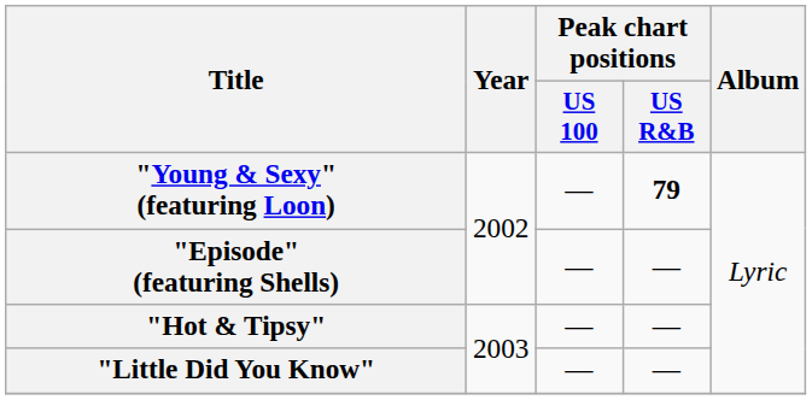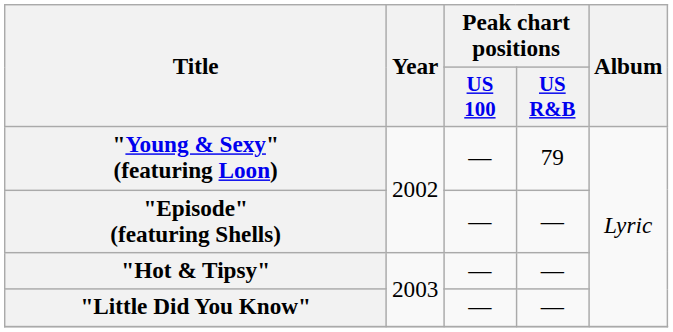 <table class="wikitable plainrowheaders" style="text-align:center;" border="1">
 <tr>
 <th scope="col" rowspan="2" style="width:16em;">Title</th>
 <th scope="col" rowspan="2">Year</th>
 <th scope="col" colspan="2">Peak chart positions</th>
 <th scope="col" rowspan="2">Album</th>
 </tr>
 <tr>
 <th scope="col" style="width:3em;font-size:90%;"><a href='#'>US 100</a></th>
 <th scope="col" style="width:3em;font-size:90%;"><a href='#'>US R&B</a></th>
 </tr>
 <tr>
 <th scope="row">"<a href='#'>Young & Sexy</a>"<br><span>(featuring <a href='#'>Loon</a>)</span></th>
 <td rowspan="2">2002</td>
 <td>—</td>
-<td><strong>79</strong></td>
+<td>79</td>
 <td rowspan="4"><em>Lyric</em></td>
 </tr>
 <tr>
 <th scope="row">"Episode"<br><span>(featuring Shells)</span></th>
 <td>—</td>
 <td>—</td>
 </tr>
 <tr>
 <th scope="row">"Hot & Tipsy"</th>
 <td rowspan="2">2003</td>
 <td>—</td>
 <td>—</td>
 </tr>
 <tr>
 <th scope="row">"Little Did You Know"</th>
 <td>—</td>
 <td>—</td>
 </tr>
 <tr>
 </tr>
 </table>
